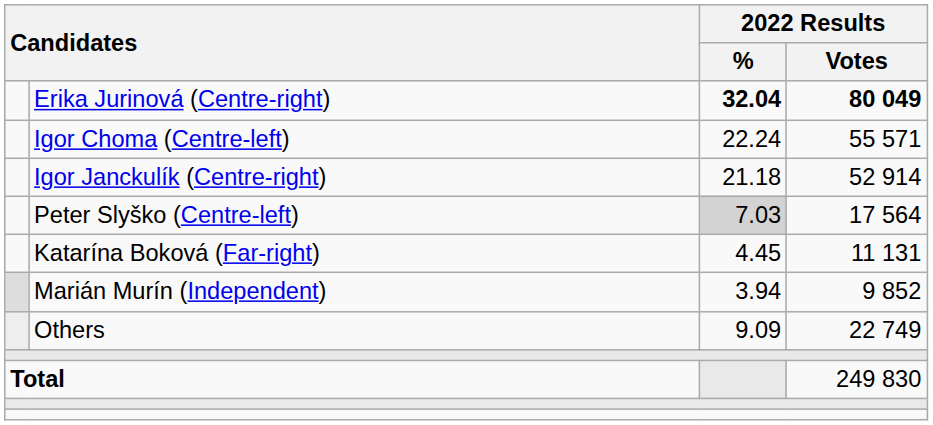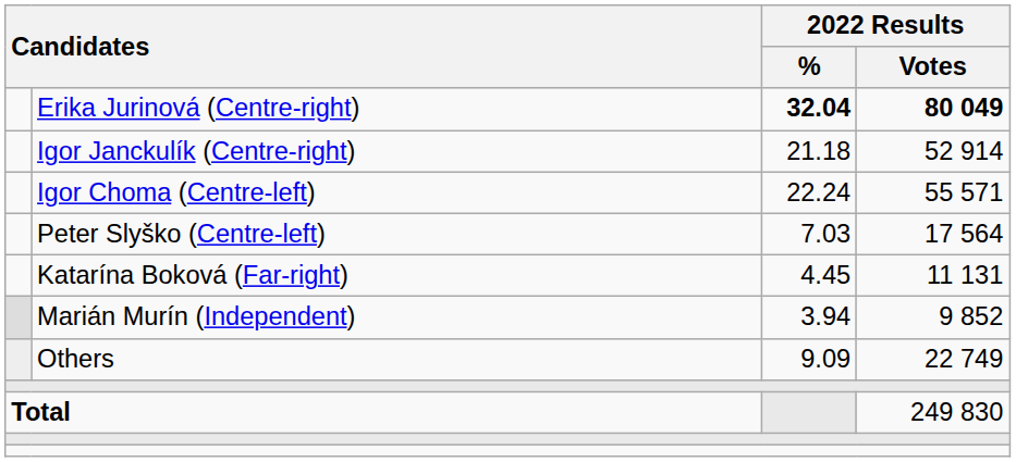 <table class="wikitable" style="text-align:right; font-size:97%;">
 <tr>
 <th style="text-align:left;" rowspan="2" colspan="2" width="450">Candidates</th>
 <th colspan="2">2022 Results</th>
 </tr>
 <tr>
 <th width="50">%</th>
 <th width="85">Votes</th>
 </tr>
 <tr>
 <td style="color:inherit;background:"></td>
 <td align="left"><a href='#'>Erika Jurinová</a> (<a href='#'>Centre-right</a>)</td>
 <td><strong>32.04</strong></td>
 <td><strong>80 049</strong></td>
 </tr>
 <tr>
 <td style="color:inherit;background:"></td>
+<td align="left"><a href='#'>Igor Janckulík</a> (<a href='#'>Centre-right</a>)</td>
+<td>21.18</td>
+<td>52 914</td>
+</tr>
+<tr>
+<td style="color:inherit;background:"></td>
 <td align="left"><a href='#'>Igor Choma</a> (<a href='#'>Centre-left</a>)</td>
 <td>22.24</td>
 <td>55 571</td>
 </tr>
 <tr>
 <td style="color:inherit;background:"></td>
-<td align="left"><a href='#'>Igor Janckulík</a> (<a href='#'>Centre-right</a>)</td>
-<td>21.18</td>
-<td>52 914</td>
-</tr>
-<tr>
-<td style="color:inherit;background:"></td>
 <td align="left">Peter Slyško (<a href='#'>Centre-left</a>)</td>
-<td style="background: lightgrey;">7.03</td>
+<td>7.03</td>
 <td>17 564</td>
 </tr>
 <tr>
 <td style="color:inherit;background:"></td>
 <td align="left">Katarína Boková (<a href='#'>Far-right</a>)</td>
 <td>4.45</td>
 <td>11 131</td>
 </tr>
 <tr>
 <td style="color:inherit;background:#dddddd"></td>
 <td align="left">Marián Murín (<a href='#'>Independent</a>)</td>
 <td>3.94</td>
 <td>9 852</td>
 </tr>
 <tr>
 <td style="color:inherit;background:#eeeeee"></td>
 <td align="left">Others</td>
 <td>9.09</td>
 <td>22 749</td>
 </tr>
 <tr>
 <td colspan="4" bgcolor="#E9E9E9"></td>
 </tr>
 <tr>
 <td align="left" colspan="2"><strong>Total</strong></td>
 <td bgcolor="#E9E9E9"></td>
 <td>249 830</td>
 </tr>
 <tr>
 <td colspan="4" bgcolor="#E9E9E9"></td>
 </tr>
 <tr>
 <td colspan="4"></td>
 </tr>
 </table>
